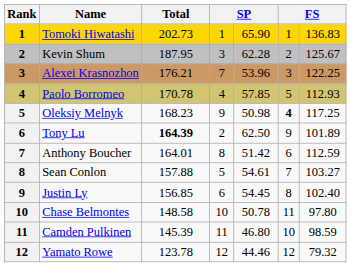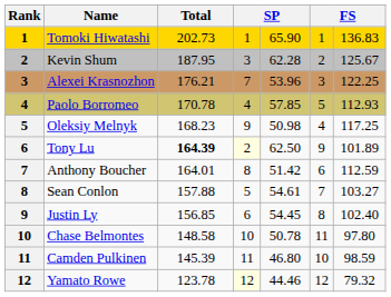 <table class="wikitable sortable">
 <tr>
 <th>Rank</th>
 <th>Name</th>
 <th width="80px">Total</th>
 <th colspan="2" width="80px"><a href='#'>SP</a></th>
 <th colspan="2" width="80px"><a href='#'>FS</a></th>
 </tr>
 <tr bgcolor="gold">
 <td align="center"><strong>1</strong></td>
 <td><a href='#'>Tomoki Hiwatashi</a></td>
 <td align="center">202.73</td>
 <td align="center">1</td>
 <td align="center">65.90</td>
 <td align="center">1</td>
 <td align="center">136.83</td>
 </tr>
 <tr bgcolor="silver">
 <td align="center"><strong>2</strong></td>
 <td>Kevin Shum</td>
 <td align="center">187.95</td>
 <td align="center">3</td>
 <td align="center">62.28</td>
 <td align="center">2</td>
 <td align="center">125.67</td>
 </tr>
 <tr bgcolor="cc9966">
 <td align="center"><strong>3</strong></td>
 <td><a href='#'>Alexei Krasnozhon</a></td>
 <td align="center">176.21</td>
 <td align="center">7</td>
 <td align="center">53.96</td>
 <td align="center">3</td>
 <td align="center">122.25</td>
 </tr>
 <tr bgcolor="#d1c571">
 <td align="center"><strong>4</strong></td>
 <td><a href='#'>Paolo Borromeo</a></td>
 <td align="center">170.78</td>
 <td align="center">4</td>
 <td align="center">57.85</td>
 <td align="center">5</td>
 <td align="center">112.93</td>
 </tr>
 <tr>
 <th>5</th>
 <td><a href='#'>Oleksiy Melnyk</a></td>
 <td align="center">168.23</td>
 <td align="center">9</td>
 <td align="center">50.98</td>
-<td align="center"><strong>4</strong></td>
+<td align="center">4</td>
 <td align="center">117.25</td>
 </tr>
 <tr>
 <th>6</th>
 <td><a href='#'>Tony Lu</a></td>
 <td align="center"><strong>164.39</strong></td>
-<td align="center">2</td>
+<td align="center" style="background: lightyellow;">2</td>
 <td align="center">62.50</td>
 <td align="center">9</td>
 <td align="center">101.89</td>
 </tr>
 <tr>
 <th>7</th>
 <td>Anthony Boucher</td>
 <td align="center">164.01</td>
 <td align="center">8</td>
 <td align="center">51.42</td>
 <td align="center">6</td>
 <td align="center">112.59</td>
 </tr>
 <tr>
 <th>8</th>
 <td>Sean Conlon</td>
 <td align="center">157.88</td>
 <td align="center">5</td>
 <td align="center">54.61</td>
 <td align="center">7</td>
 <td align="center">103.27</td>
 </tr>
 <tr>
 <th>9</th>
 <td><a href='#'>Justin Ly</a></td>
 <td align="center">156.85</td>
 <td align="center">6</td>
 <td align="center">54.45</td>
 <td align="center">8</td>
 <td align="center">102.40</td>
 </tr>
 <tr>
 <th>10</th>
 <td><a href='#'>Chase Belmontes</a></td>
 <td align="center">148.58</td>
 <td align="center">10</td>
 <td align="center">50.78</td>
 <td align="center">11</td>
 <td align="center">97.80</td>
 </tr>
 <tr>
 <th>11</th>
 <td><a href='#'>Camden Pulkinen</a></td>
 <td align="center">145.39</td>
 <td align="center">11</td>
 <td align="center">46.80</td>
 <td align="center">10</td>
 <td align="center">98.59</td>
 </tr>
 <tr>
 <th>12</th>
 <td><a href='#'>Yamato Rowe</a></td>
 <td align="center">123.78</td>
-<td align="center">12</td>
+<td align="center" style="background: lightyellow;">12</td>
 <td align="center">44.46</td>
 <td align="center">12</td>
 <td align="center">79.32</td>
 </tr>
 </table>
